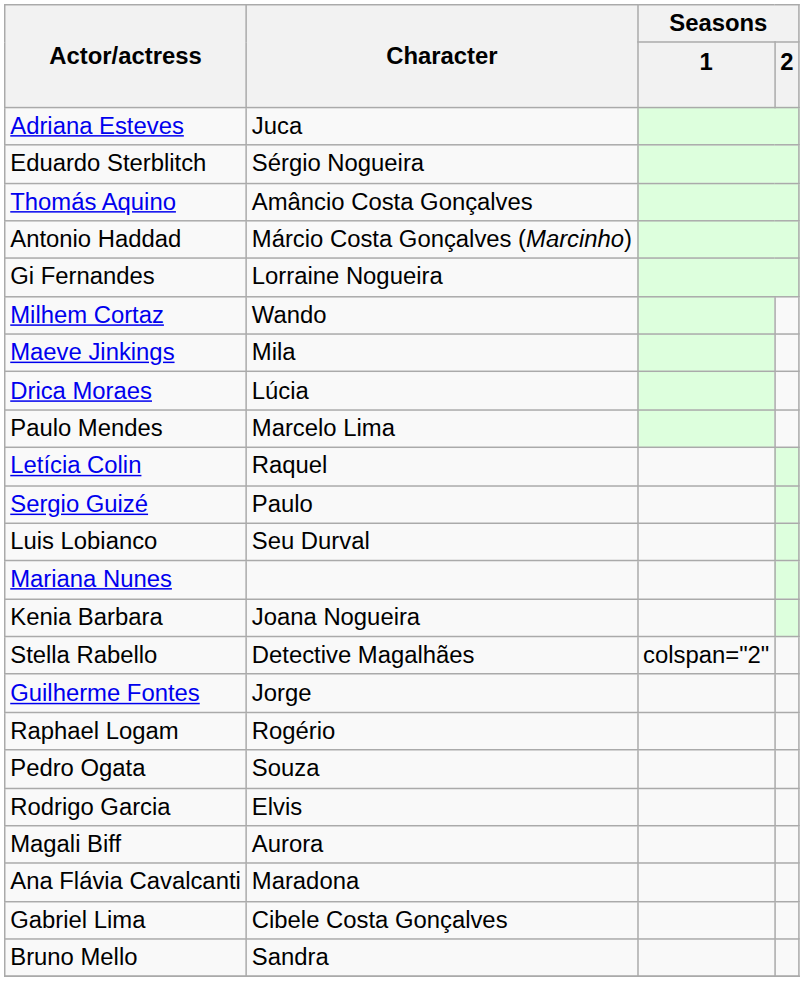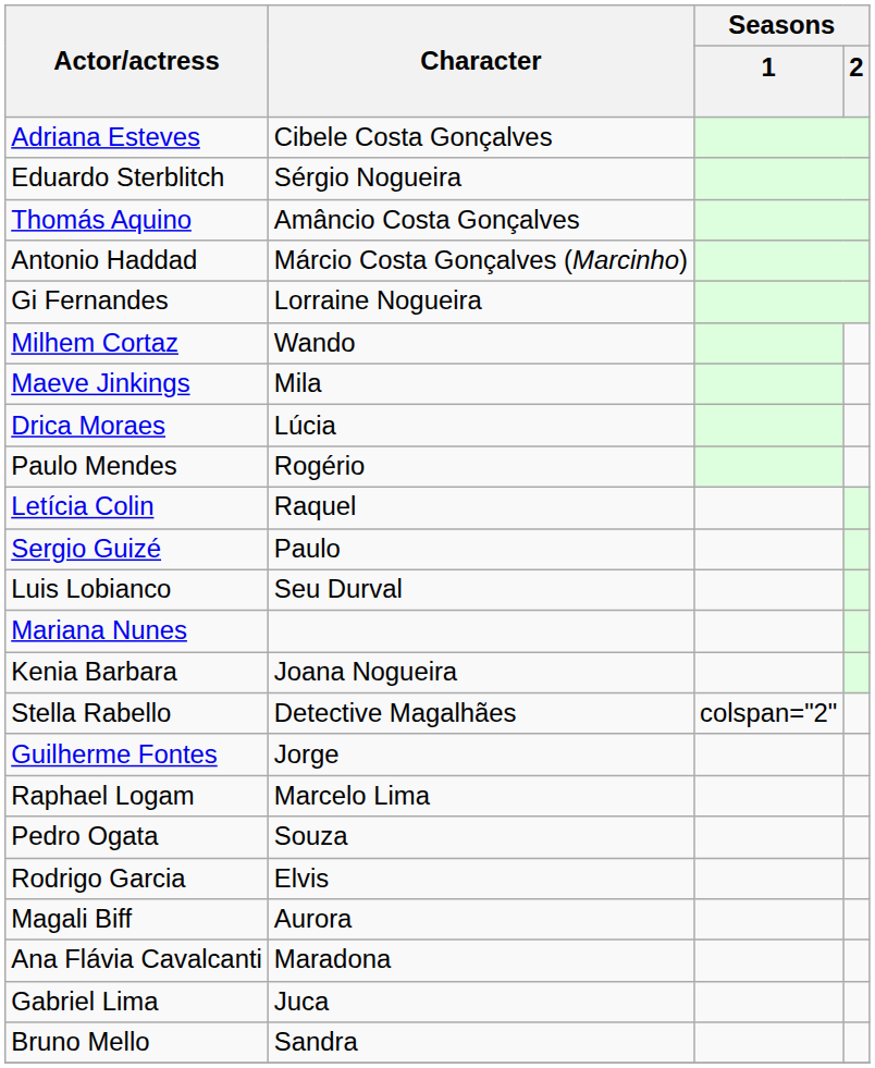 <table class="wikitable">
 <tr>
 <th rowspan="2">Actor/actress</th>
 <th rowspan="2">Character</th>
 <th colspan="2">Seasons</th>
 </tr>
 <tr>
 <th>1<br><br></th>
 <th>2<br><br></th>
 </tr>
 <tr>
 <td><a href='#'>Adriana Esteves</a></td>
-<td>Juca</td>
+<td>Cibele Costa Gonçalves</td>
 <td colspan="2" align="center" style="background: #ddffdd"></td>
 </tr>
 <tr>
 <td>Eduardo Sterblitch</td>
 <td>Sérgio Nogueira</td>
 <td colspan="2" align="center" style="background: #ddffdd"></td>
 </tr>
 <tr>
 <td><a href='#'>Thomás Aquino</a></td>
 <td>Amâncio Costa Gonçalves</td>
 <td colspan="2" align="center" style="background: #ddffdd"></td>
 </tr>
 <tr>
 <td>Antonio Haddad</td>
 <td>Márcio Costa Gonçalves (<em>Marcinho</em>)</td>
 <td colspan="2" align="center" style="background: #ddffdd"></td>
 </tr>
 <tr>
 <td>Gi Fernandes</td>
 <td>Lorraine Nogueira</td>
 <td colspan="2" align="center" style="background: #ddffdd"></td>
 </tr>
 <tr>
 <td><a href='#'>Milhem Cortaz</a></td>
 <td>Wando</td>
 <td colspan="1" align="center" style="background: #ddffdd"></td>
 <td></td>
 </tr>
 <tr>
 <td><a href='#'>Maeve Jinkings</a></td>
 <td>Mila</td>
 <td colspan="1" align="center" style="background: #ddffdd"></td>
 <td></td>
 </tr>
 <tr>
 <td><a href='#'>Drica Moraes</a></td>
 <td>Lúcia</td>
 <td colspan="1" align="center" style="background: #ddffdd"></td>
 <td></td>
 </tr>
 <tr>
 <td>Paulo Mendes</td>
-<td>Marcelo Lima</td>
+<td>Rogério</td>
 <td colspan="1" align="center" style="background: #ddffdd"></td>
 <td></td>
 </tr>
 <tr>
 <td><a href='#'>Letícia Colin</a></td>
 <td>Raquel</td>
 <td></td>
 <td colspan="1" align="center" style="background: #ddffdd"></td>
 </tr>
 <tr>
 <td><a href='#'>Sergio Guizé</a></td>
 <td>Paulo</td>
 <td></td>
 <td colspan="1" align="center" style="background: #ddffdd"></td>
 </tr>
 <tr>
 <td>Luis Lobianco</td>
 <td>Seu Durval</td>
 <td></td>
 <td colspan="1" align="center" style="background: #ddffdd"></td>
 </tr>
 <tr>
 <td><a href='#'>Mariana Nunes</a></td>
 <td></td>
 <td></td>
 <td colspan="1" align="center" style="background: #ddffdd"></td>
 </tr>
 <tr>
 <td>Kenia Barbara</td>
 <td>Joana Nogueira</td>
 <td></td>
 <td colspan="1" align="center" style="background: #ddffdd"></td>
 </tr>
 <tr>
 <td>Stella Rabello</td>
 <td>Detective Magalhães</td>
 <td>colspan="2" </td>
 </tr>
 <tr>
 <td><a href='#'>Guilherme Fontes</a></td>
 <td>Jorge</td>
 <td></td>
 <td></td>
 </tr>
 <tr>
 <td>Raphael Logam</td>
-<td>Rogério</td>
+<td>Marcelo Lima</td>
 <td></td>
 <td></td>
 </tr>
 <tr>
 <td>Pedro Ogata</td>
 <td>Souza</td>
 <td></td>
 <td></td>
 </tr>
 <tr>
 <td>Rodrigo Garcia</td>
 <td>Elvis</td>
 <td></td>
 <td></td>
 </tr>
 <tr>
 <td>Magali Biff</td>
 <td>Aurora</td>
 <td></td>
 <td></td>
 </tr>
 <tr>
 <td>Ana Flávia Cavalcanti</td>
 <td>Maradona</td>
 <td></td>
 <td></td>
 </tr>
 <tr>
 <td>Gabriel Lima</td>
-<td>Cibele Costa Gonçalves</td>
+<td>Juca</td>
 <td></td>
 <td></td>
 </tr>
 <tr>
 <td>Bruno Mello</td>
 <td>Sandra</td>
 <td></td>
 <td></td>
 </tr>
 <tr>
 </tr>
 </table>
